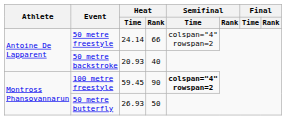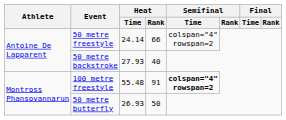 <table class="wikitable" style="text-align:center; font-size:90%; width:50%;">
 <tr>
 <th rowspan="2">Athlete</th>
 <th rowspan="2">Event</th>
 <th colspan="2">Heat</th>
 <th colspan="2">Semifinal</th>
 <th colspan="2">Final</th>
 </tr>
 <tr style="font-size:95%">
 <th>Time</th>
 <th>Rank</th>
 <th>Time</th>
 <th>Rank</th>
 <th>Time</th>
 <th>Rank</th>
 </tr>
 <tr align=center>
 <td align=left rowspan="2"><a href='#'>Antoine De Lapparent</a></td>
 <td align=left><a href='#'>50 metre freestyle</a></td>
 <td>24.14</td>
 <td>66</td>
 <td>colspan="4" rowspan=2 </td>
 </tr>
 <tr align=center>
 <td align=left><a href='#'>50 metre backstroke</a></td>
-<td>20.93</td>
+<td>27.93</td>
 <td>40</td>
 </tr>
 <tr align=center>
 <td align=left rowspan="2"><a href='#'>Montross Phansovannarun</a></td>
 <td align=left><a href='#'>100 metre freestyle</a></td>
-<td>59.45</td>
-<td>90</td>
+<td>55.48</td>
+<td>91</td>
 <td><strong>colspan="4" rowspan=2 </strong></td>
 </tr>
 <tr align=center>
 <td align=left><a href='#'>50 metre butterfly</a></td>
 <td>26.93</td>
 <td>50</td>
 </tr>
 </table>
